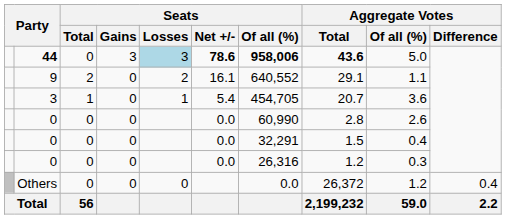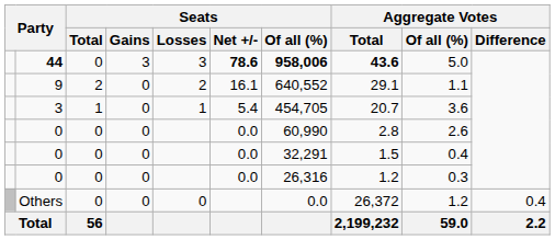 <table class="wikitable sortable" style="text-align:right; font-size:95%;">
 <tr>
 <th colspan="2" rowspan="2">Party</th>
 <th colspan="5">Seats</th>
 <th colspan="3">Aggregate Votes</th>
 </tr>
 <tr>
 <th>Total</th>
 <th>Gains</th>
 <th>Losses</th>
 <th>Net +/-</th>
 <th>Of all (%)</th>
 <th>Total</th>
 <th>Of all (%)</th>
 <th>Difference</th>
 </tr>
 <tr>
 <td></td>
 <td><strong>44</strong></td>
 <td>0</td>
 <td>3</td>
-<td style="background: lightblue;">3</td>
+<td>3</td>
 <td><strong>78.6</strong></td>
 <td><strong>958,006</strong></td>
 <td><strong>43.6</strong></td>
 <td>5.0</td>
 </tr>
 <tr>
 <td></td>
 <td>9</td>
 <td>2</td>
 <td>0</td>
 <td>2</td>
 <td>16.1</td>
 <td>640,552</td>
 <td>29.1</td>
 <td>1.1</td>
 </tr>
 <tr>
 <td></td>
 <td>3</td>
 <td>1</td>
 <td>0</td>
 <td>1</td>
 <td>5.4</td>
 <td>454,705</td>
 <td>20.7</td>
 <td>3.6</td>
 </tr>
 <tr>
 <td></td>
 <td>0</td>
 <td>0</td>
 <td>0</td>
 <td></td>
 <td>0.0</td>
 <td>60,990</td>
 <td>2.8</td>
 <td>2.6</td>
 </tr>
 <tr>
 <td></td>
 <td>0</td>
 <td>0</td>
 <td>0</td>
 <td></td>
 <td>0.0</td>
 <td>32,291</td>
 <td>1.5</td>
 <td>0.4</td>
 </tr>
 <tr>
 <td></td>
 <td>0</td>
 <td>0</td>
 <td>0</td>
 <td></td>
 <td>0.0</td>
 <td>26,316</td>
 <td>1.2</td>
 <td>0.3</td>
 </tr>
 <tr>
 <td style="background:silver;"> </td>
 <td align=left>Others</td>
 <td>0</td>
 <td>0</td>
 <td>0</td>
 <td></td>
 <td>0.0</td>
 <td>26,372</td>
 <td>1.2</td>
 <td>0.4</td>
 </tr>
 <tr class="sortbottom">
 <th colspan="2" style="background:#f2f2f2"><strong>Total</strong></th>
 <td style="background:#f2f2f2;"><strong>56</strong></td>
 <td style="background:#f2f2f2;"></td>
 <td style="background:#f2f2f2;"></td>
 <td style="background:#f2f2f2;"></td>
 <td style="background:#f2f2f2;"></td>
 <td style="background:#f2f2f2;"><strong>2,199,232</strong></td>
 <td style="background:#f2f2f2;"><strong>59.0</strong></td>
 <td style="background:#f2f2f2;"><strong>2.2</strong></td>
 </tr>
 </table>
